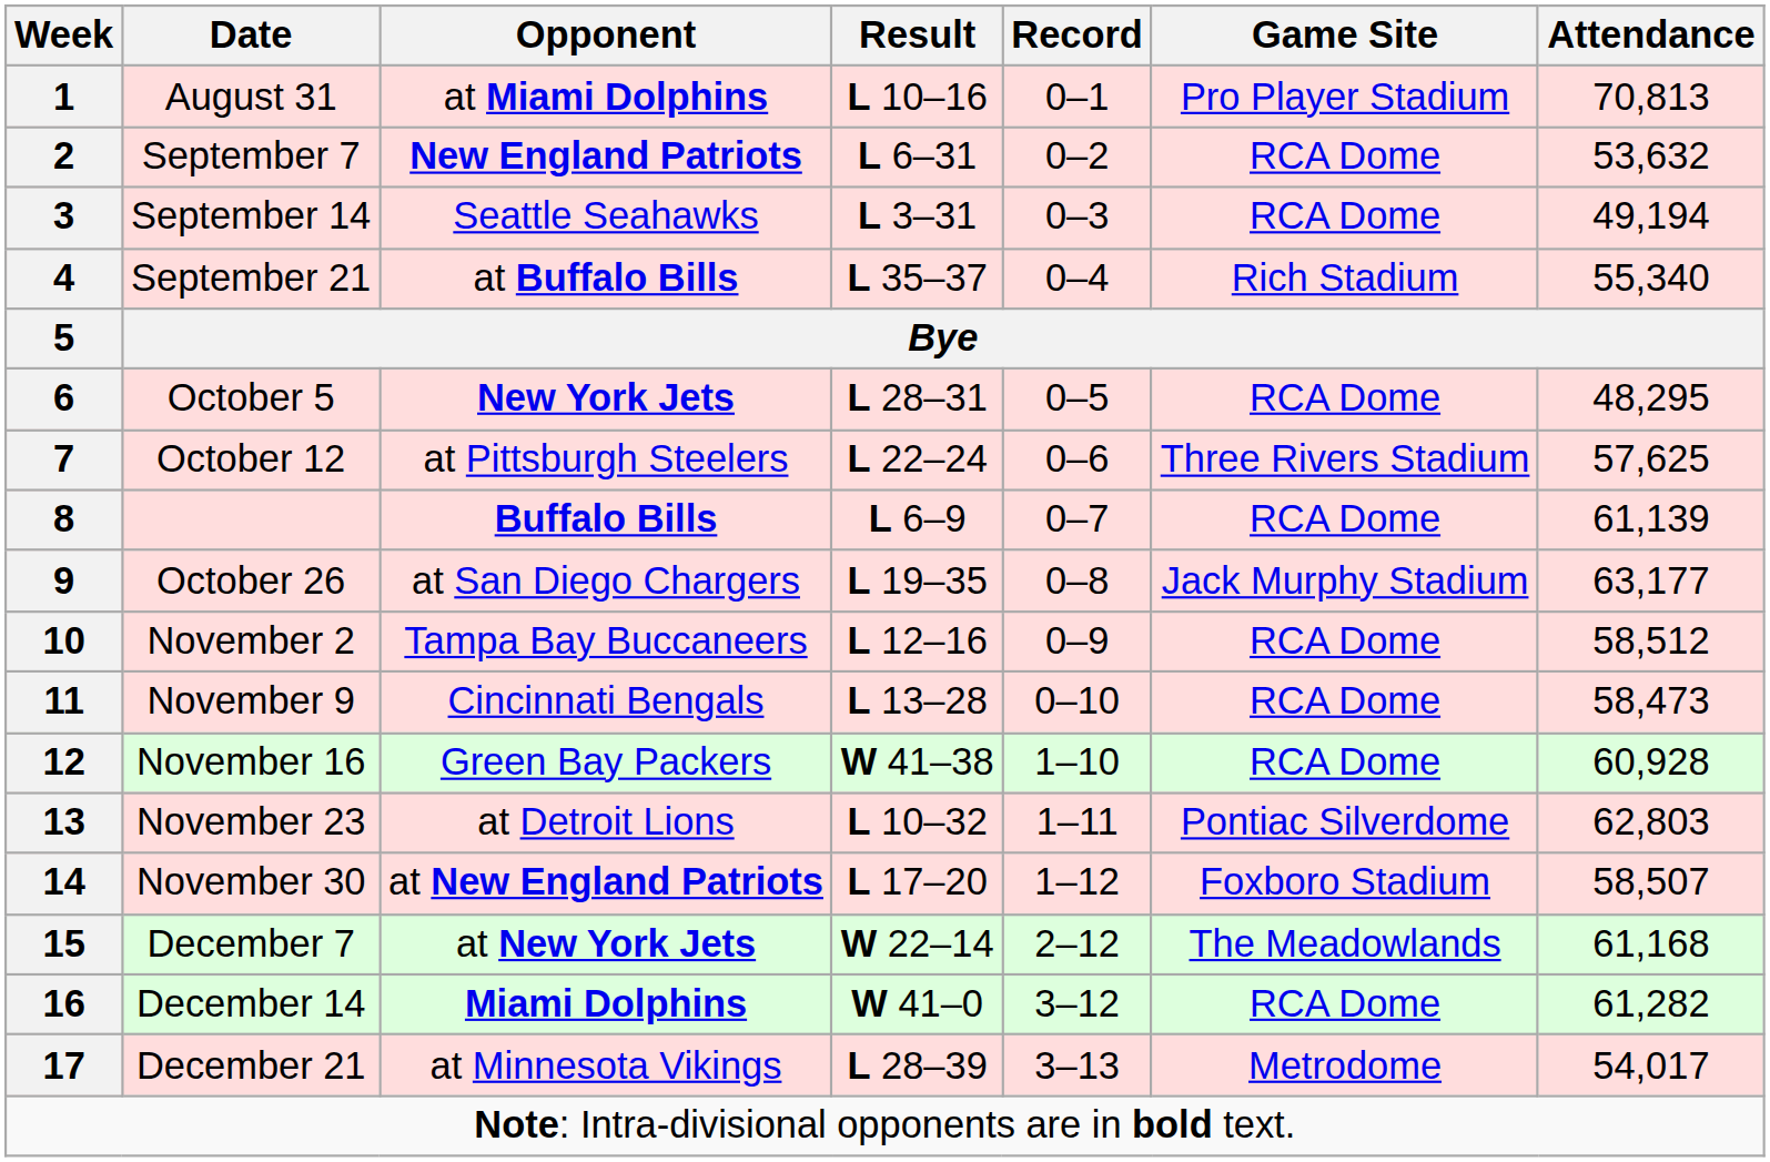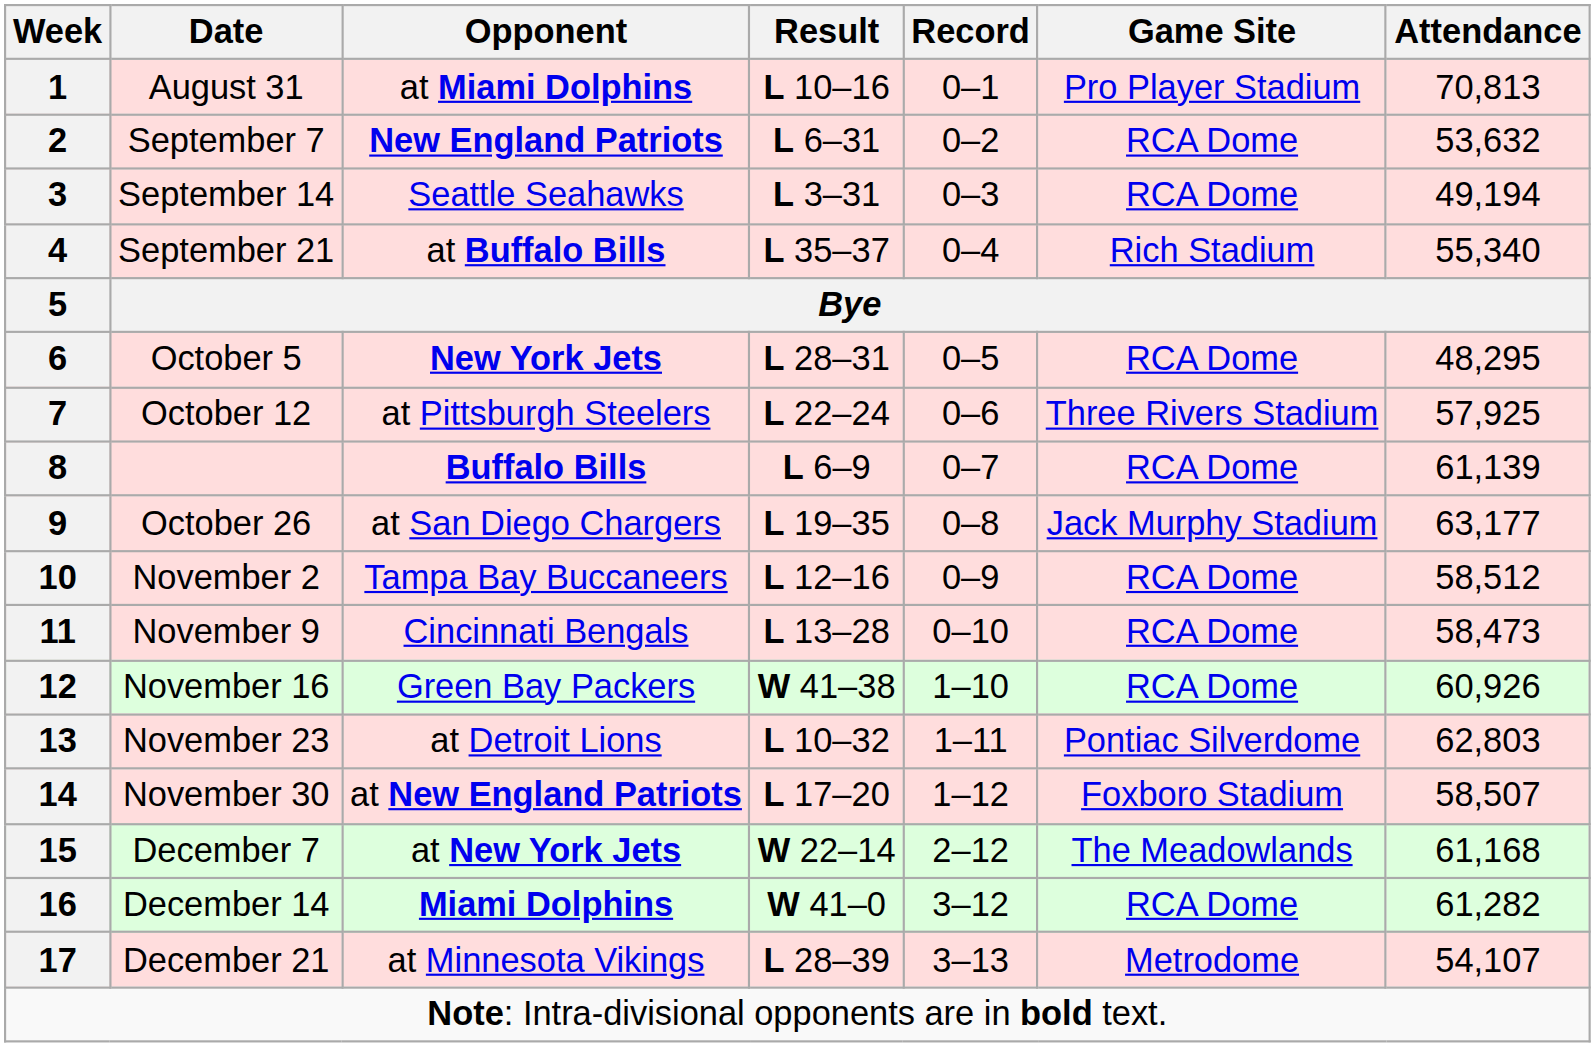 <table class="wikitable" style="text-align:center;">
 <tr>
 <th>Week</th>
 <th>Date</th>
 <th>Opponent</th>
 <th>Result</th>
 <th>Record</th>
 <th>Game Site</th>
 <th>Attendance</th>
 </tr>
 <tr bgcolor="#ffdddd">
 <th>1</th>
 <td>August 31</td>
 <td>at <strong><a href='#'>Miami Dolphins</a></strong></td>
 <td><strong>L</strong> 10–16</td>
 <td>0–1</td>
 <td><a href='#'>Pro Player Stadium</a></td>
 <td>70,813</td>
 </tr>
 <tr bgcolor="#ffdddd">
 <th>2</th>
 <td>September 7</td>
 <td><strong><a href='#'>New England Patriots</a></strong></td>
 <td><strong>L</strong> 6–31</td>
 <td>0–2</td>
 <td><a href='#'>RCA Dome</a></td>
 <td>53,632</td>
 </tr>
 <tr bgcolor="#ffdddd">
 <th>3</th>
 <td>September 14</td>
 <td><a href='#'>Seattle Seahawks</a></td>
 <td><strong>L</strong> 3–31</td>
 <td>0–3</td>
 <td><a href='#'>RCA Dome</a></td>
 <td>49,194</td>
 </tr>
 <tr bgcolor="#ffdddd">
 <th>4</th>
 <td>September 21</td>
 <td>at <strong><a href='#'>Buffalo Bills</a></strong></td>
 <td><strong>L</strong> 35–37</td>
 <td>0–4</td>
 <td><a href='#'>Rich Stadium</a></td>
 <td>55,340</td>
 </tr>
 <tr>
 <th>5</th>
 <th colspan="6" align="center"><em>Bye</em></th>
 </tr>
 <tr bgcolor="#ffdddd">
 <th>6</th>
 <td>October 5</td>
 <td><strong><a href='#'>New York Jets</a></strong></td>
 <td><strong>L</strong> 28–31</td>
 <td>0–5</td>
 <td><a href='#'>RCA Dome</a></td>
 <td>48,295</td>
 </tr>
 <tr bgcolor="#ffdddd">
 <th>7</th>
 <td>October 12</td>
 <td>at <a href='#'>Pittsburgh Steelers</a></td>
 <td><strong>L</strong> 22–24</td>
 <td>0–6</td>
 <td><a href='#'>Three Rivers Stadium</a></td>
-<td>57,625</td>
+<td>57,925</td>
 </tr>
 <tr bgcolor="#ffdddd">
 <th>8</th>
 <td></td>
 <td><strong><a href='#'>Buffalo Bills</a></strong></td>
 <td><strong>L</strong> 6–9</td>
 <td>0–7</td>
 <td><a href='#'>RCA Dome</a></td>
 <td>61,139</td>
 </tr>
 <tr bgcolor="#ffdddd">
 <th>9</th>
 <td>October 26</td>
 <td>at <a href='#'>San Diego Chargers</a></td>
 <td><strong>L</strong> 19–35</td>
 <td>0–8</td>
 <td><a href='#'>Jack Murphy Stadium</a></td>
 <td>63,177</td>
 </tr>
 <tr bgcolor="#ffdddd">
 <th>10</th>
 <td>November 2</td>
 <td><a href='#'>Tampa Bay Buccaneers</a></td>
 <td><strong>L</strong> 12–16</td>
 <td>0–9</td>
 <td><a href='#'>RCA Dome</a></td>
 <td>58,512</td>
 </tr>
 <tr bgcolor="#ffdddd">
 <th>11</th>
 <td>November 9</td>
 <td><a href='#'>Cincinnati Bengals</a></td>
 <td><strong>L</strong> 13–28</td>
 <td>0–10</td>
 <td><a href='#'>RCA Dome</a></td>
 <td>58,473</td>
 </tr>
 <tr bgcolor="#ddffdd">
 <th>12</th>
 <td>November 16</td>
 <td><a href='#'>Green Bay Packers</a></td>
 <td><strong>W</strong> 41–38</td>
 <td>1–10</td>
 <td><a href='#'>RCA Dome</a></td>
-<td>60,928</td>
+<td>60,926</td>
 </tr>
 <tr bgcolor="#ffdddd">
 <th>13</th>
 <td>November 23</td>
 <td>at <a href='#'>Detroit Lions</a></td>
 <td><strong>L</strong> 10–32</td>
 <td>1–11</td>
 <td><a href='#'>Pontiac Silverdome</a></td>
 <td>62,803</td>
 </tr>
 <tr bgcolor="#ffdddd">
 <th>14</th>
 <td>November 30</td>
 <td>at <strong><a href='#'>New England Patriots</a></strong></td>
 <td><strong>L</strong> 17–20</td>
 <td>1–12</td>
 <td><a href='#'>Foxboro Stadium</a></td>
 <td>58,507</td>
 </tr>
 <tr bgcolor="#ddffdd">
 <th>15</th>
 <td>December 7</td>
 <td>at <strong><a href='#'>New York Jets</a></strong></td>
 <td><strong>W</strong> 22–14</td>
 <td>2–12</td>
 <td><a href='#'>The Meadowlands</a></td>
 <td>61,168</td>
 </tr>
 <tr bgcolor="#ddffdd">
 <th>16</th>
 <td>December 14</td>
 <td><strong><a href='#'>Miami Dolphins</a></strong></td>
 <td><strong>W</strong> 41–0</td>
 <td>3–12</td>
 <td><a href='#'>RCA Dome</a></td>
 <td>61,282</td>
 </tr>
 <tr bgcolor="#ffdddd">
 <th>17</th>
 <td>December 21</td>
 <td>at <a href='#'>Minnesota Vikings</a></td>
 <td><strong>L</strong> 28–39</td>
 <td>3–13</td>
 <td><a href='#'>Metrodome</a></td>
-<td>54,017</td>
+<td>54,107</td>
 </tr>
 <tr>
 <td colspan="7"><strong>Note</strong>: Intra-divisional opponents are in <strong>bold</strong> text.</td>
 </tr>
 </table>
